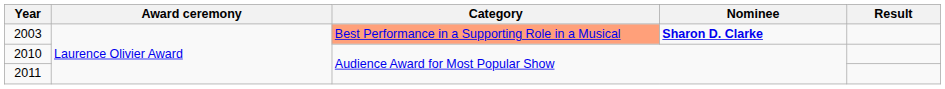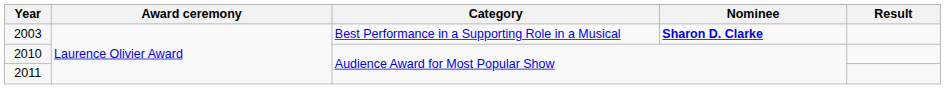 <table class="wikitable" style="width:95%;">
 <tr>
 <th style="width:5%;">Year</th>
 <th style="width:30%;">Award ceremony</th>
 <th style="width:35%;">Category</th>
 <th style="width:20%;">Nominee</th>
 <th style="width:10%;">Result</th>
 </tr>
 <tr>
 <td rowspan="1" style="text-align:center;">2003</td>
 <td rowspan="3"><a href='#'>Laurence Olivier Award</a></td>
-<td style="background: lightsalmon;"><a href='#'>Best Performance in a Supporting Role in a Musical</a></td>
+<td><a href='#'>Best Performance in a Supporting Role in a Musical</a></td>
 <td><strong><a href='#'>Sharon D. Clarke</a></strong></td>
 <td></td>
 </tr>
 <tr>
 <td style="text-align:center;">2010</td>
 <td colspan="2" rowspan="2"><a href='#'>Audience Award for Most Popular Show</a></td>
 <td></td>
 </tr>
 <tr>
 <td style="text-align:center;">2011</td>
 <td></td>
 </tr>
 </table>
